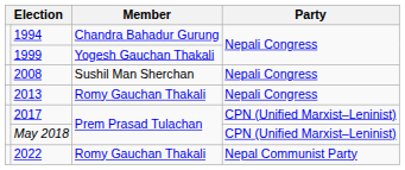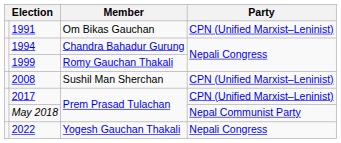 <table class="wikitable">
 <tr>
 <th colspan="2">Election</th>
 <th>Member</th>
 <th>Party</th>
+</tr>
+<tr>
+<td style="background-color:"></td>
+<td><a href='#'>1991</a></td>
+<td>Om Bikas Gauchan</td>
+<td><a href='#'>CPN (Unified Marxist–Leninist)</a></td>
 </tr>
 <tr>
 <td rowspan="2" style="background-color:"></td>
 <td><a href='#'>1994</a></td>
 <td><a href='#'>Chandra Bahadur Gurung</a></td>
 <td rowspan="2"><a href='#'>Nepali Congress</a></td>
 </tr>
 <tr>
 <td><a href='#'>1999</a></td>
-<td><a href='#'>Yogesh Gauchan Thakali</a></td>
+<td><a href='#'>Romy Gauchan Thakali</a></td>
 </tr>
 <tr>
 <td style="background-color:"></td>
 <td><a href='#'>2008</a></td>
 <td>Sushil Man Sherchan</td>
-<td><a href='#'>Nepali Congress</a></td>
-</tr>
-<tr>
-<td style="background-color:"></td>
-<td><a href='#'>2013</a></td>
-<td><a href='#'>Romy Gauchan Thakali</a></td>
-<td><a href='#'>Nepali Congress</a></td>
+<td><a href='#'>CPN (Unified Marxist–Leninist)</a></td>
 </tr>
 <tr>
 <td rowspan="2" style="background-color:"></td>
 <td><a href='#'>2017</a></td>
 <td rowspan="2"><a href='#'>Prem Prasad Tulachan</a></td>
 <td><a href='#'>CPN (Unified Marxist–Leninist)</a></td>
 </tr>
 <tr>
 <td><em>May 2018</em></td>
-<td><a href='#'>CPN (Unified Marxist–Leninist)</a></td>
+<td><a href='#'>Nepal Communist Party</a></td>
 </tr>
 <tr>
 <td></td>
 <td><a href='#'>2022</a></td>
-<td><a href='#'>Romy Gauchan Thakali</a></td>
-<td><a href='#'>Nepal Communist Party</a></td>
+<td><a href='#'>Yogesh Gauchan Thakali</a></td>
+<td><a href='#'>Nepali Congress</a></td>
 </tr>
 </table>
